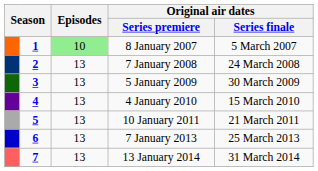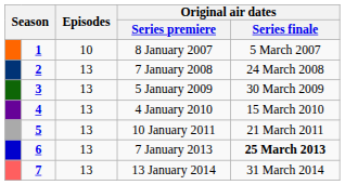 <table class="wikitable" style="text-align:center;">
 <tr>
 <th style="padding:0 8px;" rowspan=2 colspan=2>Season</th>
 <th style="padding:0 8px;" rowspan=2>Episodes</th>
 <th style="padding:0 80px;" colspan=2>Original air dates</th>
 </tr>
 <tr>
 <th><a href='#'>Series premiere</a></th>
 <th><a href='#'>Series finale</a></th>
 </tr>
 <tr>
 <td style="background:#ff6600; height:10px;"></td>
 <td><strong><a href='#'>1</a></strong></td>
-<td style="background: lightgreen;">10</td>
+<td>10</td>
 <td>8 January 2007</td>
 <td>5 March 2007</td>
 </tr>
 <tr>
 <td style="background:#003376; height:10px;"></td>
 <td><strong><a href='#'>2</a></strong></td>
 <td>13</td>
 <td>7 January 2008</td>
 <td>24 March 2008</td>
 </tr>
 <tr>
 <td style="background:#0E6606; height:10px;"></td>
 <td><strong><a href='#'>3</a></strong></td>
 <td>13</td>
 <td>5 January 2009</td>
 <td>30 March 2009</td>
 </tr>
 <tr>
 <td style="background:#660198; height:10px;"></td>
 <td><strong><a href='#'>4</a></strong></td>
 <td>13</td>
 <td>4 January 2010</td>
 <td>15 March 2010</td>
 </tr>
 <tr>
 <td style="background:#aaa; height:10px;"></td>
 <td><strong><a href='#'>5</a></strong></td>
 <td>13</td>
 <td>10 January 2011</td>
 <td>21 March 2011</td>
 </tr>
 <tr>
 <td style="background:#0000cd; height:10px;"></td>
 <td><strong><a href='#'>6</a></strong></td>
 <td>13</td>
 <td>7 January 2013</td>
-<td>25 March 2013</td>
+<td><strong>25 March 2013</strong></td>
 </tr>
 <tr>
 <td style="background:#FF5F5F; height:10px;"></td>
 <td><strong><a href='#'>7</a></strong></td>
 <td>13</td>
 <td>13 January 2014</td>
 <td>31 March 2014</td>
 </tr>
 </table>
